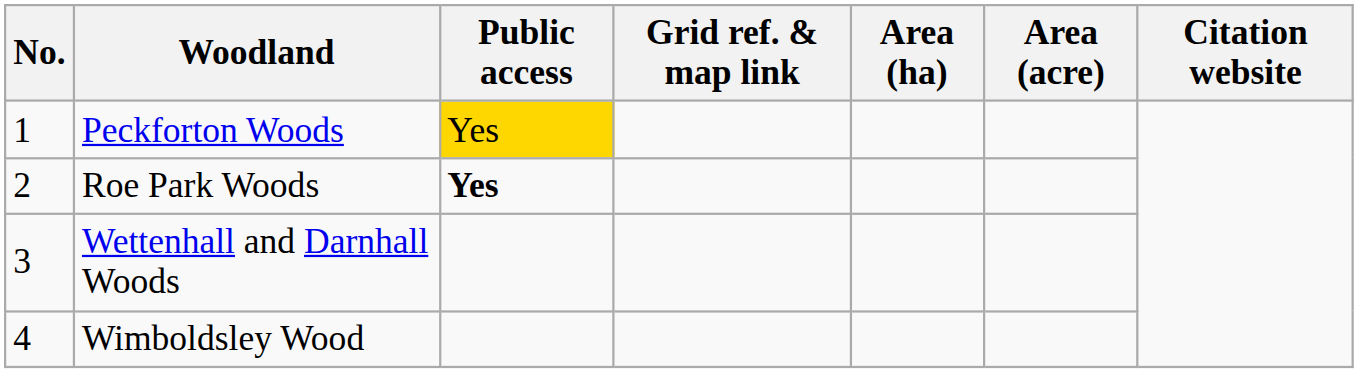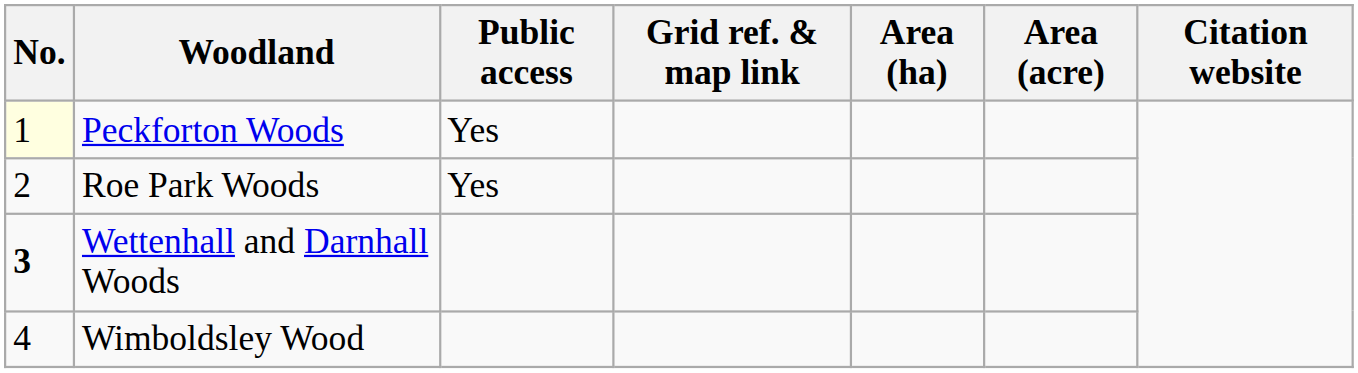 <table class="wikitable sortable collapsible">
 <tr>
 <th scope="col">No.</th>
 <th scope="col">Woodland</th>
 <th scope="col" class="unsortable">Public access</th>
 <th scope="col" class="unsortable">Grid ref. & map link</th>
 <th scope="col">Area (ha)</th>
 <th scope="col!">Area (acre)</th>
 <th scope="col" class="unsortable">Citation website</th>
 </tr>
 <tr>
-<td>1</td>
+<td style="background: lightyellow;">1</td>
 <td><a href='#'>Peckforton Woods</a></td>
-<td style="background: gold;">Yes</td>
+<td>Yes</td>
 <td></td>
 <td></td>
 <td></td>
 </tr>
 <tr>
 <td>2</td>
 <td>Roe Park Woods</td>
-<td><strong>Yes</strong></td>
+<td>Yes</td>
 <td></td>
 <td></td>
 <td> </td>
 </tr>
 <tr>
-<td>3</td>
+<td><strong>3</strong></td>
 <td><a href='#'>Wettenhall</a> and <a href='#'>Darnhall</a> Woods</td>
 <td></td>
 <td></td>
 <td></td>
 <td></td>
 </tr>
 <tr>
 <td>4</td>
 <td>Wimboldsley Wood</td>
 <td></td>
 <td></td>
 <td></td>
 <td></td>
 </tr>
 </table>
